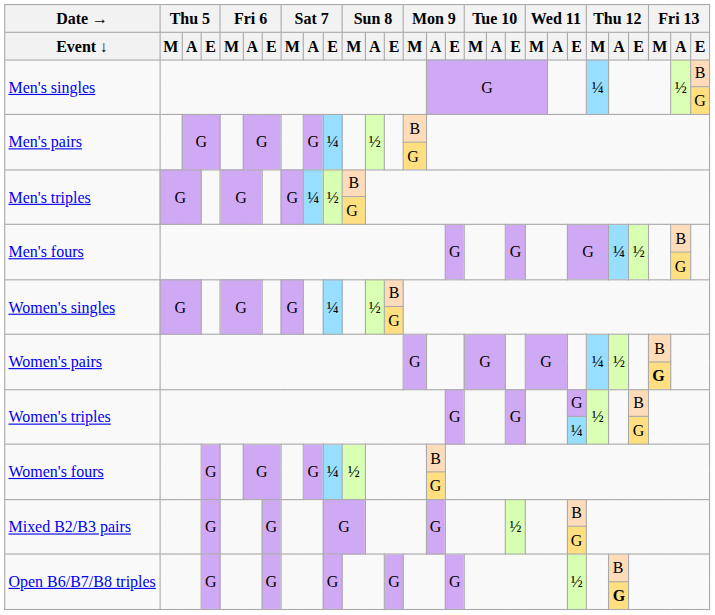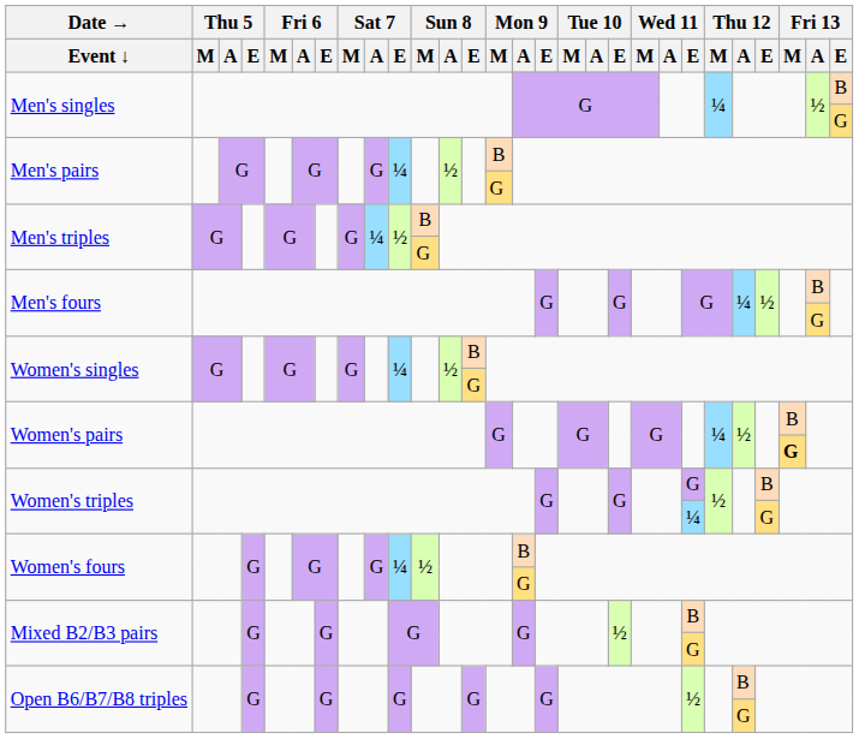 <table class="wikitable" style="margin:0.5em auto; font-size:90%; line-height:1.25em;">
 <tr style="text-align:center;">
 <th>Date →</th>
 <th colspan="3">Thu 5</th>
 <th colspan="3">Fri 6</th>
 <th colspan="3">Sat 7</th>
 <th colspan="3">Sun 8</th>
 <th colspan="3">Mon 9</th>
 <th colspan="3">Tue 10</th>
 <th colspan="3">Wed 11</th>
 <th colspan="3">Thu 12</th>
 <th colspan="3">Fri 13</th>
 </tr>
 <tr>
 <th>Event ↓</th>
 <th>M</th>
 <th>A</th>
 <th>E</th>
 <th>M</th>
 <th>A</th>
 <th>E</th>
 <th>M</th>
 <th>A</th>
 <th>E</th>
 <th>M</th>
 <th>A</th>
 <th>E</th>
 <th>M</th>
 <th>A</th>
 <th>E</th>
 <th>M</th>
 <th>A</th>
 <th>E</th>
 <th>M</th>
 <th>A</th>
 <th>E</th>
 <th>M</th>
 <th>A</th>
 <th>E</th>
 <th>M</th>
 <th>A</th>
 <th>E</th>
 </tr>
 <tr style="text-align:center">
 <td rowspan="2" style="text-align:left"><a href='#'>Men's singles</a></td>
 <td colspan="13" rowspan="2"></td>
 <td colspan="6" rowspan="2" style="background-color:#D0A9F5">G</td>
 <td colspan="2" rowspan="2"></td>
 <td rowspan="2" style="background-color:#97DEFF">¼</td>
 <td colspan="3" rowspan="2"></td>
 <td rowspan="2" style="background-color:#D9FFB2">½</td>
 <td style="background-color:#FEDCBA">B</td>
 </tr>
 <tr>
 <td style="background-color:#FFDF80">G</td>
 </tr>
 <tr style="text-align:center">
 <td rowspan="2" style="text-align:left"><a href='#'>Men's pairs</a></td>
 <td rowspan="2"></td>
 <td colspan="2" rowspan="2" style="background-color:#D0A9F5">G</td>
 <td rowspan="2"></td>
 <td colspan="2" rowspan="2" style="background-color:#D0A9F5">G</td>
 <td rowspan="2"></td>
 <td rowspan="2" style="background-color:#D0A9F5">G</td>
 <td rowspan="2" style="background-color:#97DEFF">¼</td>
 <td rowspan="2"></td>
 <td rowspan="2" style="background-color:#D9FFB2">½</td>
 <td rowspan="2"></td>
 <td style="background-color:#FEDCBA">B</td>
 <td colspan="14" rowspan="2"></td>
 </tr>
 <tr>
 <td style="background-color:#FFDF80">G</td>
 </tr>
 <tr style="text-align:center">
 <td rowspan="2" style="text-align:left"><a href='#'>Men's triples</a></td>
 <td colspan="2" rowspan="2" style="background-color:#D0A9F5">G</td>
 <td rowspan="2"></td>
 <td colspan="2" rowspan="2" style="background-color:#D0A9F5">G</td>
 <td rowspan="2"></td>
 <td rowspan="2" style="background-color:#D0A9F5">G</td>
 <td rowspan="2" style="background-color:#97DEFF">¼</td>
 <td rowspan="2" style="background-color:#D9FFB2">½</td>
 <td style="background-color:#FEDCBA">B</td>
 <td colspan="17" rowspan="2"></td>
 </tr>
 <tr>
 <td style="background-color:#FFDF80">G</td>
 </tr>
 <tr style="text-align:center">
 <td rowspan="2" style="text-align:left"><a href='#'>Men's fours</a></td>
 <td colspan="14" rowspan="2"></td>
 <td rowspan="2" style="background-color:#D0A9F5">G</td>
 <td colspan="2" rowspan="2"></td>
 <td rowspan="2" style="background-color:#D0A9F5">G</td>
 <td colspan="2" rowspan="2"></td>
 <td colspan="2" rowspan="2" style="background-color:#D0A9F5">G</td>
 <td rowspan="2" style="background-color:#97DEFF">¼</td>
 <td rowspan="2" style="background-color:#D9FFB2">½</td>
 <td rowspan="2"></td>
 <td style="background-color:#FEDCBA">B</td>
 <td rowspan="2"></td>
 </tr>
 <tr>
 <td style="background-color:#FFDF80">G</td>
 </tr>
 <tr style="text-align:center">
 <td rowspan="2" style="text-align:left"><a href='#'>Women's singles</a></td>
 <td colspan="2" rowspan="2" style="background-color:#D0A9F5">G</td>
 <td rowspan="2"></td>
 <td colspan="2" rowspan="2" style="background-color:#D0A9F5">G</td>
 <td rowspan="2"></td>
 <td rowspan="2" style="background-color:#D0A9F5">G</td>
 <td rowspan="2"></td>
 <td rowspan="2" style="background-color:#97DEFF">¼</td>
 <td rowspan="2"></td>
 <td rowspan="2" style="background-color:#D9FFB2">½</td>
 <td style="background-color:#FEDCBA">B</td>
 <td colspan="15" rowspan="2"></td>
 </tr>
 <tr>
 <td style="background-color:#FFDF80">G</td>
 </tr>
 <tr style="text-align:center">
 <td rowspan="2" style="text-align:left"><a href='#'>Women's pairs</a></td>
 <td colspan="12" rowspan="2"></td>
 <td rowspan="2" style="background-color:#D0A9F5">G</td>
 <td colspan="2" rowspan="2"></td>
 <td colspan="2" rowspan="2" style="background-color:#D0A9F5">G</td>
 <td rowspan="2"></td>
 <td colspan="2" rowspan="2" style="background-color:#D0A9F5">G</td>
 <td rowspan="2"></td>
 <td rowspan="2" style="background-color:#97DEFF">¼</td>
 <td rowspan="2" style="background-color:#D9FFB2">½</td>
 <td rowspan="2"></td>
 <td style="background-color:#FEDCBA">B</td>
 <td colspan="2" rowspan="2"></td>
 </tr>
 <tr>
 <td style="background-color:#FFDF80"><strong>G</strong></td>
 </tr>
 <tr style="text-align:center">
 <td rowspan="2" style="text-align:left"><a href='#'>Women's triples</a></td>
 <td colspan="14" rowspan="2"></td>
 <td rowspan="2" style="background-color:#D0A9F5">G</td>
 <td colspan="2" rowspan="2"></td>
 <td rowspan="2" style="background-color:#D0A9F5">G</td>
 <td colspan="2" rowspan="2"></td>
 <td style="background-color:#D0A9F5">G</td>
 <td rowspan="2" style="background-color:#D9FFB2">½</td>
 <td rowspan="2"></td>
 <td style="background-color:#FEDCBA">B</td>
 <td colspan="3" rowspan="2"></td>
 </tr>
 <tr>
 <td style="background-color:#97DEFF">¼</td>
 <td style="background-color:#FFDF80">G</td>
 </tr>
 <tr style="text-align:center">
 <td rowspan="2" style="text-align:left"><a href='#'>Women's fours</a></td>
 <td colspan="2" rowspan="2"></td>
 <td rowspan="2" style="background-color:#D0A9F5">G</td>
 <td rowspan="2"></td>
 <td colspan="2" rowspan="2" style="background-color:#D0A9F5">G</td>
 <td rowspan="2"></td>
 <td rowspan="2" style="background-color:#D0A9F5">G</td>
 <td rowspan="2" style="background-color:#97DEFF">¼</td>
 <td rowspan="2" style="background-color:#D9FFB2">½</td>
 <td colspan="3" rowspan="2"></td>
 <td style="background-color:#FEDCBA">B</td>
 <td colspan="13" rowspan="2"></td>
 </tr>
 <tr>
 <td style="background-color:#FFDF80">G</td>
 </tr>
 <tr style="text-align:center">
 <td rowspan="2" style="text-align:left"><a href='#'>Mixed B2/B3 pairs</a></td>
 <td colspan="2" rowspan="2"></td>
 <td rowspan="2" style="background-color:#D0A9F5">G</td>
 <td colspan="2" rowspan="2"></td>
 <td rowspan="2" style="background-color:#D0A9F5">G</td>
 <td colspan="2" rowspan="2"></td>
 <td colspan="2" rowspan="2" style="background-color:#D0A9F5">G</td>
 <td colspan="3" rowspan="2"></td>
 <td rowspan="2" style="background-color:#D0A9F5">G</td>
 <td colspan="3" rowspan="2"></td>
 <td rowspan="2" style="background-color:#D9FFB2">½</td>
 <td colspan="2" rowspan="2"></td>
 <td style="background-color:#FEDCBA">B</td>
 <td colspan="6" rowspan="2"></td>
 </tr>
 <tr>
 <td style="background-color:#FFDF80">G</td>
 </tr>
 <tr>
 <td rowspan="2"><a href='#'>Open B6/B7/B8 triples</a></td>
 <td colspan="2" rowspan="2"></td>
 <td rowspan="2" style="background-color:#D0A9F5">G</td>
 <td colspan="2" rowspan="2"></td>
 <td rowspan="2" style="background-color:#D0A9F5">G</td>
 <td colspan="2" rowspan="2"></td>
 <td rowspan="2" style="background-color:#D0A9F5">G</td>
 <td colspan="2" rowspan="2"></td>
 <td rowspan="2" style="background-color:#D0A9F5">G</td>
 <td colspan="2" rowspan="2"></td>
 <td rowspan="2" style="background-color:#D0A9F5">G</td>
 <td colspan="5" rowspan="2"></td>
 <td rowspan="2" style="background-color:#D9FFB2">½</td>
 <td rowspan="2"></td>
 <td style="background-color:#FEDCBA">B</td>
 <td colspan="4" rowspan="2"></td>
 </tr>
 <tr>
-<td style="background-color:#FFDF80"><strong>G</strong></td>
+<td style="background-color:#FFDF80">G</td>
 </tr>
 </table>
